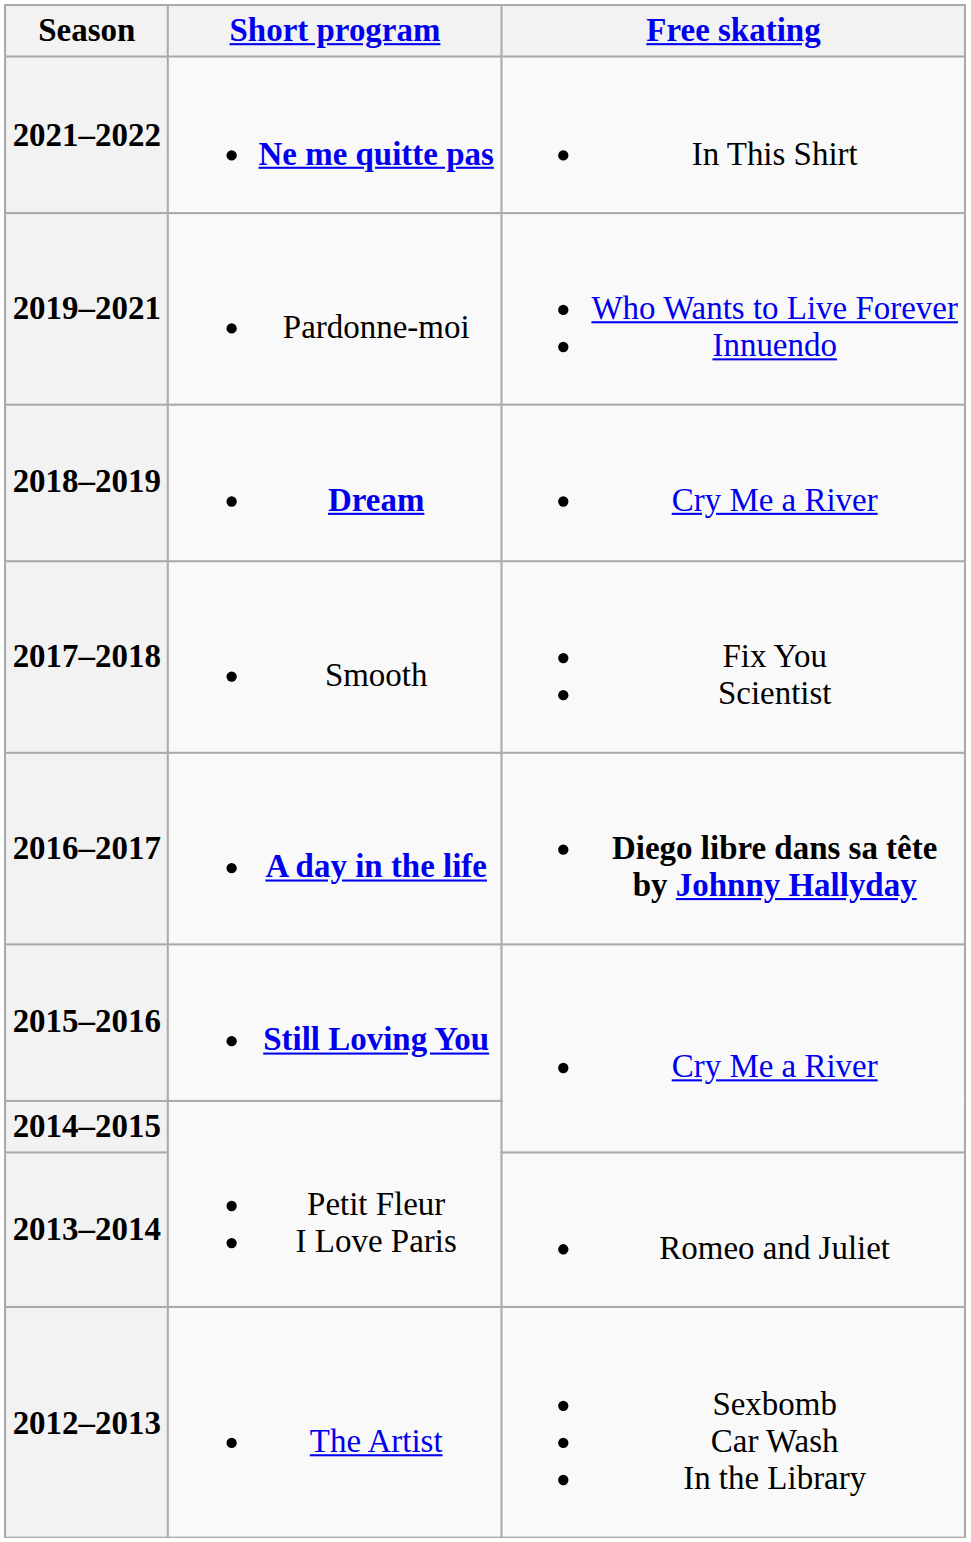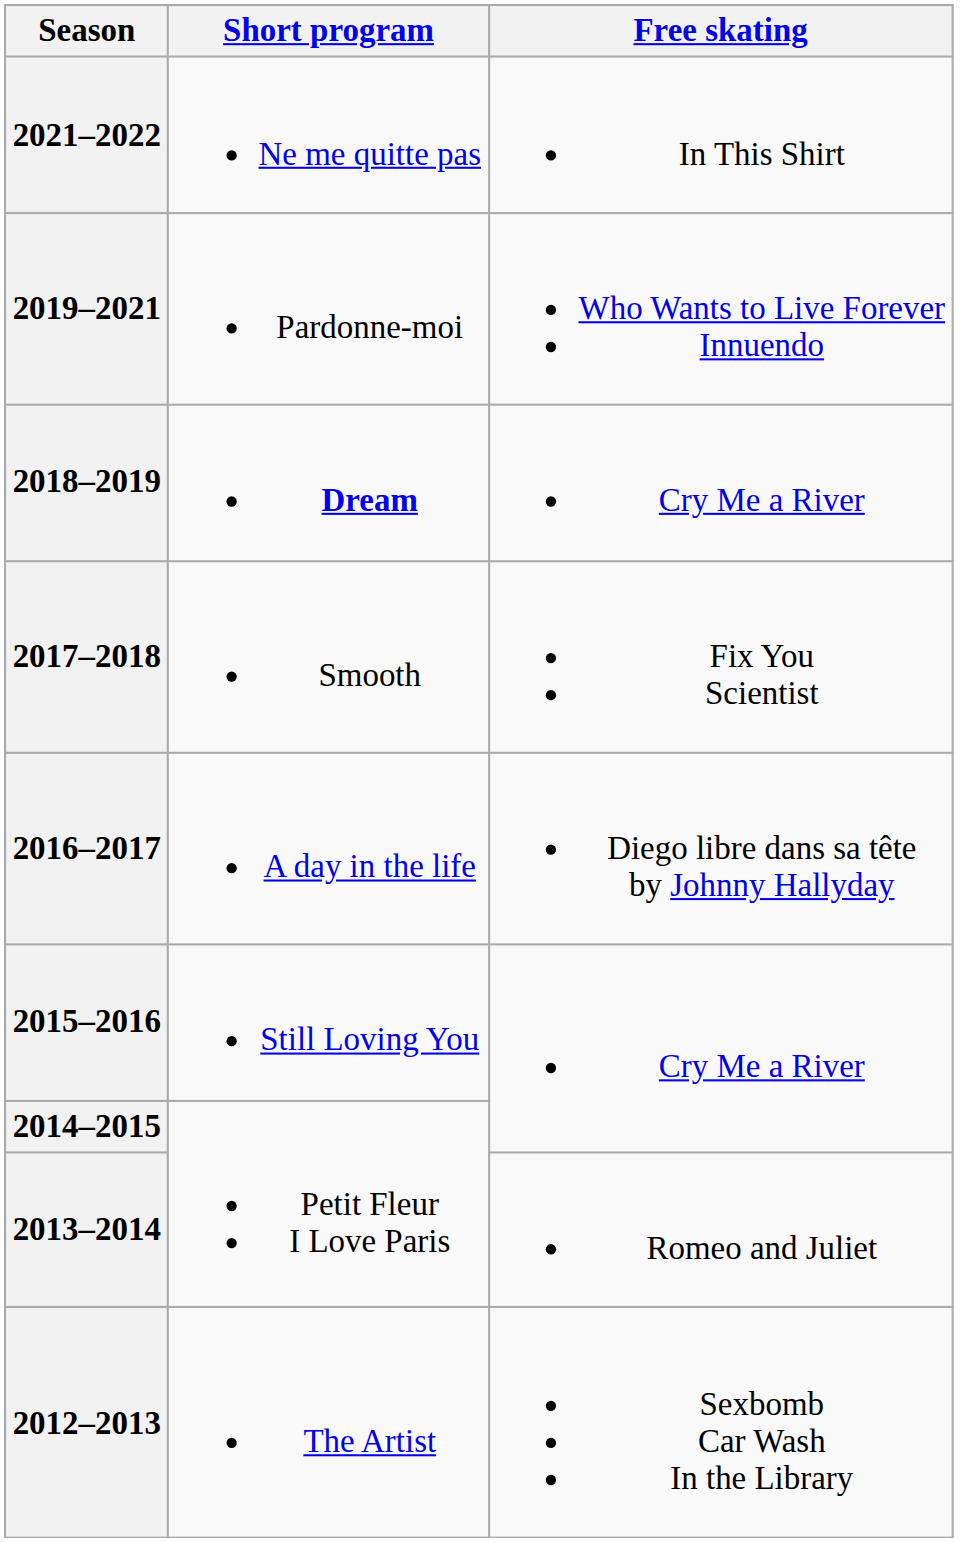 <table class=wikitable style=text-align:center>
 <tr>
 <th>Season</th>
 <th><a href='#'>Short program</a></th>
 <th><a href='#'>Free skating</a></th>
 </tr>
 <tr>
 <th>2021–2022 <br> </th>
-<td><strong><br><ul><li><a href='#'>Ne me quitte pas</a> <br></li></ul></strong></td>
+<td><br><ul><li><a href='#'>Ne me quitte pas</a> <br></li></ul></td>
 <td><br><ul><li>In This Shirt <br></li></ul></td>
 </tr>
 <tr>
 <th>2019–2021 <br> </th>
 <td><br><ul><li>Pardonne-moi <br></li></ul></td>
 <td><br><ul><li><a href='#'>Who Wants to Live Forever</a></li><li><a href='#'>Innuendo</a> <br></li></ul></td>
 </tr>
 <tr>
 <th>2018–2019 <br> </th>
 <td><strong><br><ul><li><a href='#'>Dream</a> <br></li></ul></strong></td>
 <td><br><ul><li><a href='#'>Cry Me a River</a> <br></li></ul></td>
 </tr>
 <tr>
 <th>2017–2018 <br> </th>
 <td><br><ul><li>Smooth <br></li></ul></td>
 <td><br><ul><li>Fix You <br></li><li>Scientist <br></li></ul></td>
 </tr>
 <tr>
 <th>2016–2017 <br> </th>
-<td><strong><br><ul><li><a href='#'>A day in the life</a> <br></li></ul></strong></td>
-<td><strong><br><ul><li>Diego libre dans sa tête <br> by <a href='#'>Johnny Hallyday</a></li></ul></strong></td>
+<td><br><ul><li><a href='#'>A day in the life</a> <br></li></ul></td>
+<td><br><ul><li>Diego libre dans sa tête <br> by <a href='#'>Johnny Hallyday</a></li></ul></td>
 </tr>
 <tr>
 <th>2015–2016 <br> </th>
-<td><strong><br><ul><li><a href='#'>Still Loving You</a> <br></li></ul></strong></td>
+<td><br><ul><li><a href='#'>Still Loving You</a> <br></li></ul></td>
 <td rowspan=2><br><ul><li><a href='#'>Cry Me a River</a> <br></li></ul></td>
 </tr>
 <tr>
 <th>2014–2015 <br> </th>
 <td rowspan=2><br><ul><li>Petit Fleur <br></li><li>I Love Paris <br></li></ul></td>
 </tr>
 <tr>
 <th>2013–2014 <br> </th>
 <td><br><ul><li>Romeo and Juliet</li></ul></td>
 </tr>
 <tr>
 <th>2012–2013 <br> </th>
 <td><br><ul><li><a href='#'>The Artist</a> <br></li></ul></td>
 <td><br><ul><li>Sexbomb <br></li><li>Car Wash <br></li><li>In the Library <br></li></ul></td>
 </tr>
 </table>
